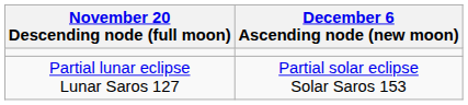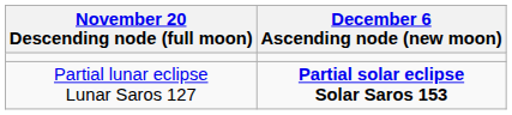 <table class="wikitable">
 <tr>
 <th><a href='#'>November 20</a><br>Descending node (full moon)<br></th>
 <th><a href='#'>December 6</a><br>Ascending node (new moon)<br></th>
 </tr>
 <tr>
 <td></td>
 <td></td>
 </tr>
 <tr align=center>
 <td><a href='#'>Partial lunar eclipse</a><br>Lunar Saros 127</td>
-<td><a href='#'>Partial solar eclipse</a><br>Solar Saros 153</td>
+<td><strong><a href='#'>Partial solar eclipse</a><br>Solar Saros 153</strong></td>
 </tr>
 </table>
